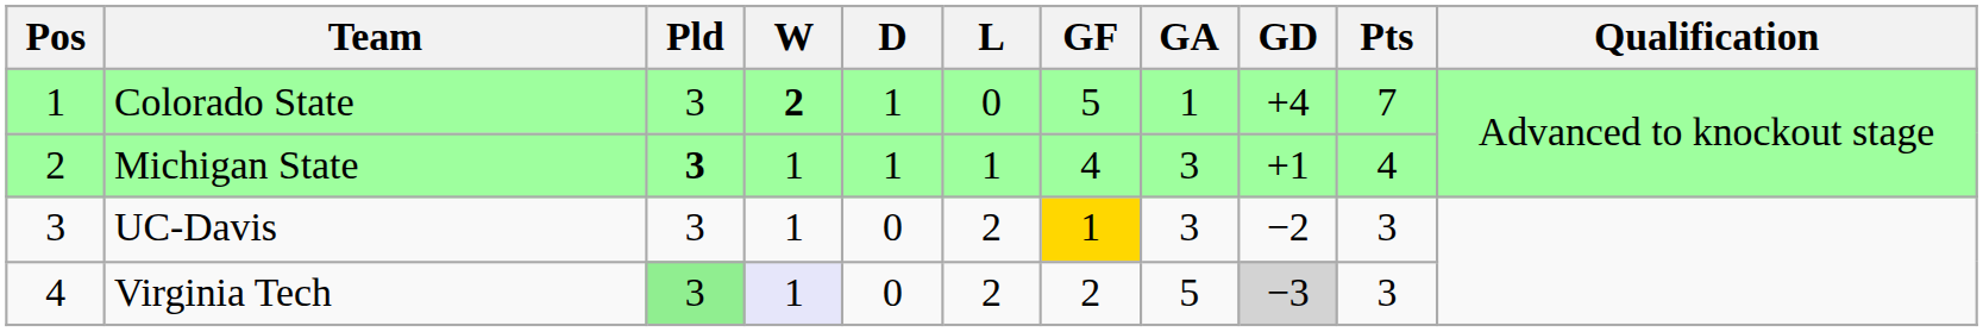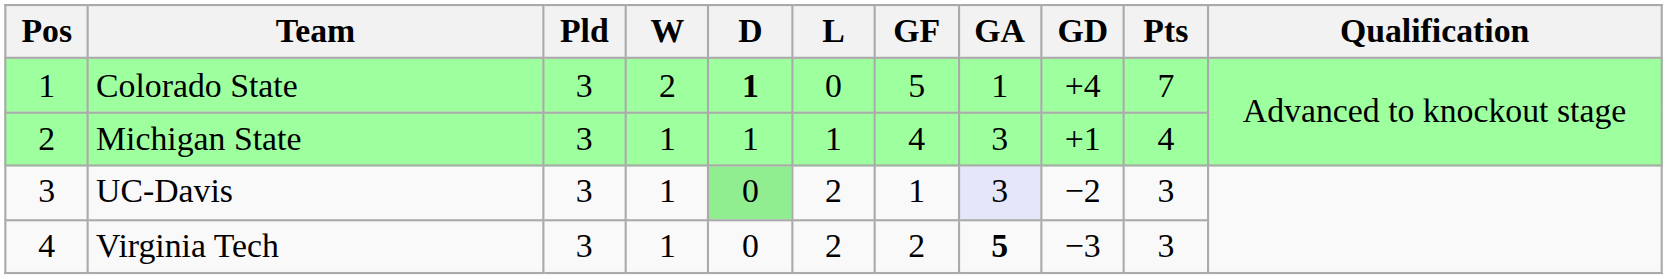 <table class="wikitable" style="text-align:center; margin: 1em auto">
 <tr>
 <th style="width:2em">Pos</th>
 <th style="width:13em">Team</th>
 <th style="width:2em">Pld</th>
 <th style="width:2em">W</th>
 <th style="width:2em">D</th>
 <th style="width:2em">L</th>
 <th style="width:2em">GF</th>
 <th style="width:2em">GA</th>
 <th style="width:2em">GD</th>
 <th style="width:2em">Pts</th>
 <th style="width:13em">Qualification</th>
 </tr>
 <tr bgcolor="#9eff9e">
 <td>1</td>
 <td style="text-align:left">Colorado State</td>
 <td>3</td>
-<td><strong>2</strong></td>
-<td>1</td>
+<td>2</td>
+<td><strong>1</strong></td>
 <td>0</td>
 <td>5</td>
 <td>1</td>
 <td>+4</td>
 <td>7</td>
 <td rowspan="2">Advanced to knockout stage</td>
 </tr>
 <tr bgcolor="#9eff9e">
 <td>2</td>
 <td style="text-align:left">Michigan State</td>
-<td><strong>3</strong></td>
+<td>3</td>
 <td>1</td>
 <td>1</td>
 <td>1</td>
 <td>4</td>
 <td>3</td>
 <td>+1</td>
 <td>4</td>
 </tr>
 <tr>
 <td>3</td>
 <td style="text-align:left">UC-Davis</td>
 <td>3</td>
 <td>1</td>
-<td>0</td>
+<td style="background: lightgreen;">0</td>
 <td>2</td>
-<td style="background: gold;">1</td>
-<td>3</td>
+<td>1</td>
+<td style="background: lavender;">3</td>
 <td>−2</td>
 <td>3</td>
 </tr>
 <tr>
 <td>4</td>
 <td style="text-align:left">Virginia Tech</td>
-<td style="background: lightgreen;">3</td>
-<td style="background: lavender;">1</td>
+<td>3</td>
+<td>1</td>
 <td>0</td>
 <td>2</td>
 <td>2</td>
-<td>5</td>
-<td style="background: lightgrey;">−3</td>
+<td><strong>5</strong></td>
+<td>−3</td>
 <td>3</td>
 </tr>
 </table>
